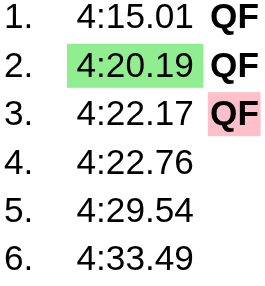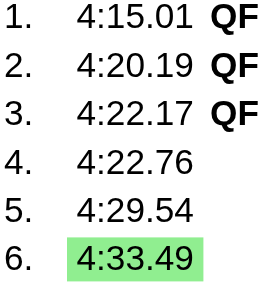 <table style="text-align:center">
 <tr>
 <td width=30>1.</td>
 <td align=left></td>
 <td width=60>4:15.01</td>
 <td><strong>QF</strong></td>
 </tr>
 <tr>
 <td>2.</td>
 <td align=left></td>
-<td style="background: lightgreen;">4:20.19</td>
+<td>4:20.19</td>
 <td><strong>QF</strong></td>
 </tr>
 <tr>
 <td>3.</td>
 <td align=left></td>
 <td>4:22.17</td>
-<td style="background: pink;"><strong>QF</strong></td>
+<td><strong>QF</strong></td>
 </tr>
 <tr>
 <td>4.</td>
 <td align=left></td>
 <td>4:22.76</td>
 </tr>
 <tr>
 <td>5.</td>
 <td align=left></td>
 <td>4:29.54</td>
 </tr>
 <tr>
 <td>6.</td>
 <td align=left></td>
-<td>4:33.49</td>
+<td style="background: lightgreen;">4:33.49</td>
 </tr>
 </table>
